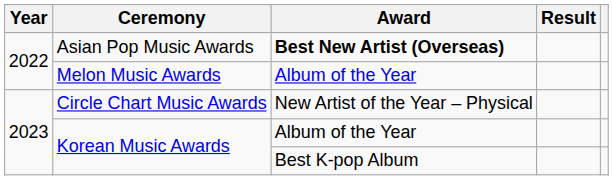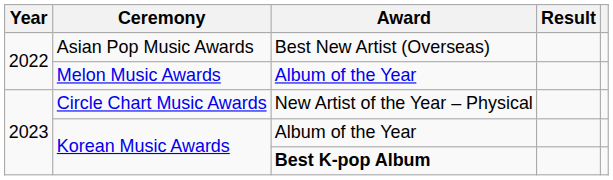 <table class="wikitable plainrowheaders">
 <tr>
 <th scope="col">Year</th>
 <th scope="col">Ceremony</th>
 <th scope="col">Award</th>
 <th scope="col">Result</th>
 <th class="unsortable"></th>
 </tr>
 <tr>
 <td scope="row" rowspan="2">2022</td>
 <td>Asian Pop Music Awards</td>
-<td><strong>Best New Artist (Overseas)</strong></td>
+<td>Best New Artist (Overseas)</td>
 <td></td>
 <td style="text-align:center"></td>
 </tr>
 <tr>
 <td><a href='#'>Melon Music Awards</a></td>
 <td><a href='#'>Album of the Year</a></td>
 <td></td>
 <td style="text-align:center"></td>
 </tr>
 <tr>
 <td scope="row" rowspan="3">2023</td>
 <td><a href='#'>Circle Chart Music Awards</a></td>
 <td>New Artist of the Year – Physical</td>
 <td></td>
 <td style="text-align:center"></td>
 </tr>
 <tr>
 <td rowspan="2"><a href='#'>Korean Music Awards</a></td>
 <td>Album of the Year</td>
 <td></td>
 <td style="text-align:center"></td>
 </tr>
 <tr>
-<td>Best K-pop Album</td>
+<td><strong>Best K-pop Album</strong></td>
 <td></td>
 <td style="text-align:center"></td>
 </tr>
 </table>
